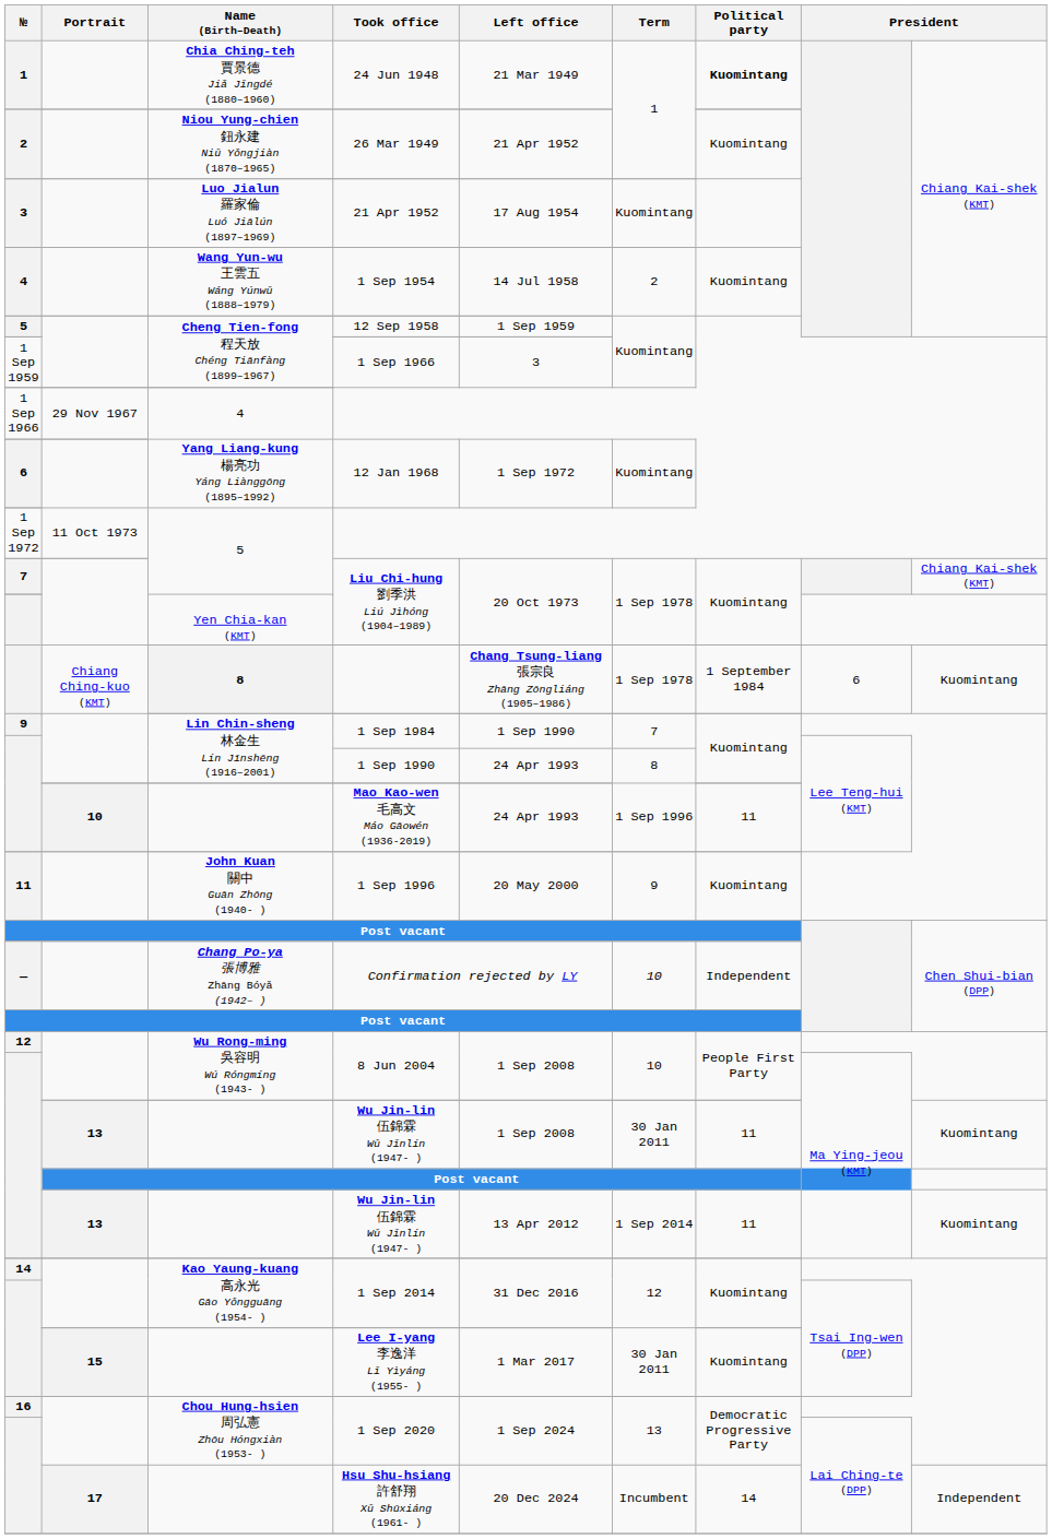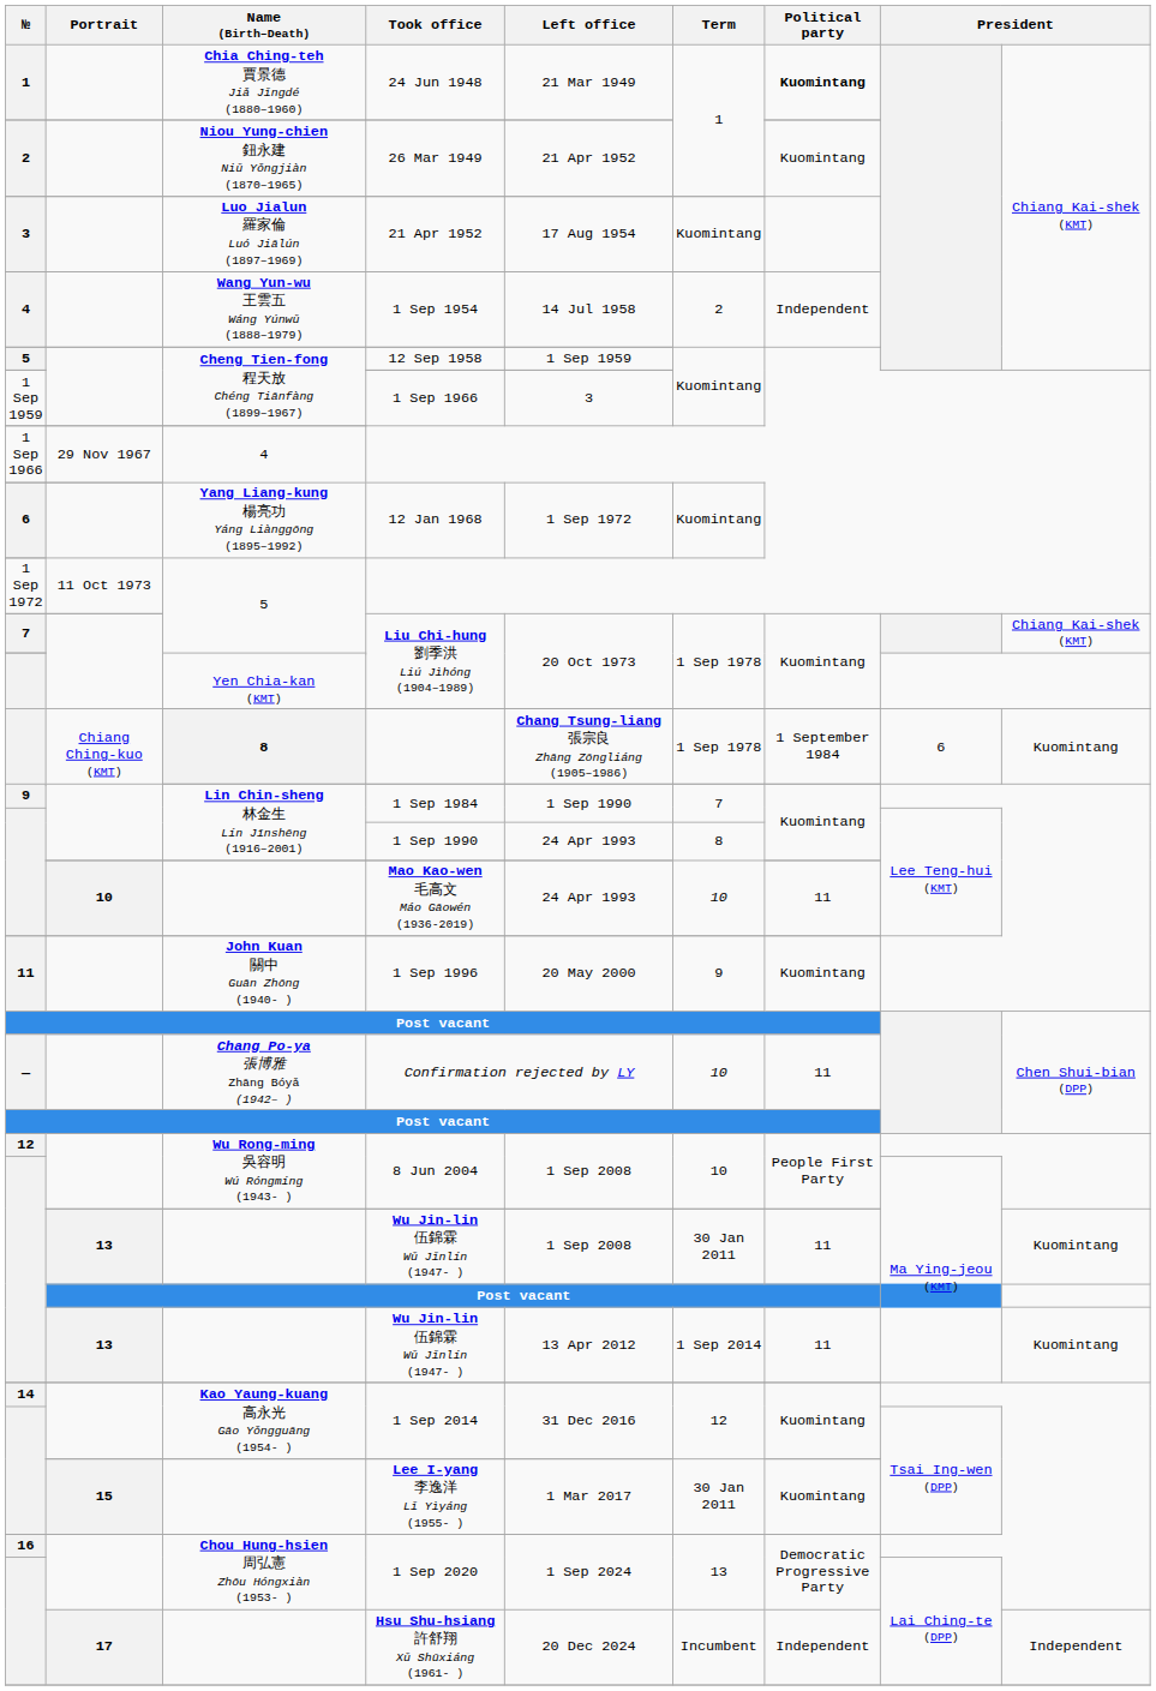 <table class="wikitable"  style="text-align:center"  width="83%">
 <tr>
 <th style="width:25px;">№</th>
 <th style="width:100px;">Portrait</th>
 <th width=180px>Name<br><small>(Birth–Death)</small></th>
 <th>Took office</th>
 <th>Left office</th>
 <th style="width:25px;">Term</th>
 <th style="width:100px;">Political party</th>
 <th colspan=2 width="width:200px">President</th>
 </tr>
 <tr ->
 <th style="background:">1</th>
 <td align=center></td>
 <td align=center><strong><a href='#'>Chia Ching-teh</a></strong><br><span>賈景德</span><br><small><em>Jiǎ Jǐngdé</em><br>(1880–1960)</small></td>
 <td>24 Jun 1948</td>
 <td>21 Mar 1949</td>
 <td rowspan=3>1</td>
 <td><strong>Kuomintang</strong></td>
 <th rowspan=9 style="background:"></th>
 <td rowspan=9><br><a href='#'>Chiang Kai-shek</a><br><small>(<a href='#'>KMT</a>)</small></td>
 </tr>
 <tr ->
 </tr>
 <tr ->
 <th style="background:">2</th>
 <td align=center></td>
 <td align=center><strong><a href='#'>Niou Yung-chien</a></strong><br><span>鈕永建</span><br><small><em>Niǔ Yǒngjiàn</em><br>(1870–1965)</small></td>
 <td>26 Mar 1949</td>
 <td>21 Apr 1952</td>
 <td>Kuomintang</td>
 </tr>
 <tr ->
 </tr>
 <tr ->
 <th style="background:">3</th>
 <td align=center></td>
 <td align=center><strong><a href='#'>Luo Jialun</a></strong><br><span>羅家倫</span><br><small><em>Luó Jiālún</em><br>(1897–1969)</small></td>
 <td>21 Apr 1952</td>
 <td>17 Aug 1954</td>
 <td>Kuomintang</td>
 </tr>
 <tr ->
 </tr>
 <tr ->
 <th style="background:">4</th>
 <td align=center></td>
 <td align=center><strong><a href='#'>Wang Yun-wu</a></strong><br><span>王雲五</span><br><small><em>Wáng Yúnwǔ</em><br>(1888–1979)</small></td>
 <td>1 Sep 1954</td>
 <td>14 Jul 1958</td>
 <td rowspan=2>2</td>
-<td>Kuomintang</td>
+<td>Independent</td>
 </tr>
 <tr ->
 </tr>
 <tr ->
 <th style="background:">5</th>
 <td rowspan=3 align=center></td>
 <td rowspan=3 align=center><strong><a href='#'>Cheng Tien-fong</a></strong><br><span>程天放</span><br><small><em>Chéng Tiānfàng</em><br>(1899–1967)</small></td>
 <td>12 Sep 1958</td>
 <td>1 Sep 1959</td>
 <td rowspan=3>Kuomintang</td>
 </tr>
 <tr>
 </tr>
 <tr>
 <td>1 Sep 1959</td>
 <td>1 Sep 1966</td>
 <td>3</td>
 </tr>
 <tr>
 </tr>
 <tr>
 <td>1 Sep 1966</td>
 <td>29 Nov 1967</td>
 <td rowspan=2>4</td>
 </tr>
 <tr ->
 </tr>
 <tr ->
 <th style="background:">6</th>
 <td rowspan=2 align=center></td>
 <td rowspan=2 align=center><strong><a href='#'>Yang Liang-kung</a></strong><br><span>楊亮功</span><br><small><em>Yáng Liànggōng</em><br>(1895–1992)</small></td>
 <td>12 Jan 1968</td>
 <td>1 Sep 1972</td>
 <td rowspan=2>Kuomintang</td>
 </tr>
 <tr>
 </tr>
 <tr>
 <td>1 Sep 1972</td>
 <td>11 Oct 1973</td>
 <td rowspan=4>5</td>
 </tr>
 <tr ->
 </tr>
 <tr ->
 <th style="background:">7</th>
 <td rowspan=3 align=center></td>
 <td rowspan=3 align=center><strong><a href='#'>Liu Chi-hung</a></strong><br><span>劉季洪</span><br><small><em>Liú Jìhóng</em><br>(1904–1989)</small></td>
 <td rowspan=3>20 Oct 1973</td>
 <td rowspan=3>1 Sep 1978</td>
 <td rowspan=3>Kuomintang</td>
 <th style="background:"></th>
 <td><a href='#'>Chiang Kai-shek</a><br><small>(<a href='#'>KMT</a>)</small></td>
 </tr>
 <tr>
 </tr>
 <tr>
 <th style="background:"></th>
 <td><br><a href='#'>Yen Chia-kan</a><br><small>(<a href='#'>KMT</a>)</small></td>
 </tr>
 <tr>
 <th rowspan=3 style="background:"></th>
 <td rowspan=3><br><a href='#'>Chiang Ching-kuo</a><br><small>(<a href='#'>KMT</a>)</small></td>
 </tr>
 <tr ->
 <th style="background:">8</th>
 <td align=center></td>
 <td align=center><strong><a href='#'>Chang Tsung-liang</a></strong><br><span>張宗良</span><br><small><em>Zhāng Zōngliáng</em><br>(1905–1986)</small></td>
 <td>1 Sep 1978</td>
 <td>1 September 1984</td>
 <td>6</td>
 <td>Kuomintang</td>
 </tr>
 <tr ->
 </tr>
 <tr ->
 <th style="background:">9</th>
 <td rowspan=3 align=center></td>
 <td rowspan=3 align=center><strong><a href='#'>Lin Chin-sheng</a></strong><br><span>林金生</span><br><small><em>Lín Jīnshēng</em><br>(1916–2001)</small></td>
 <td rowspan=2>1 Sep 1984</td>
 <td rowspan=2>1 Sep 1990</td>
 <td rowspan=2>7</td>
 <td rowspan=3>Kuomintang</td>
 </tr>
 <tr>
 <th rowspan=4 style="background:"></th>
 <td rowspan=4><br><a href='#'>Lee Teng-hui</a><br><small>(<a href='#'>KMT</a>)</small></td>
 </tr>
 <tr>
 <td>1 Sep 1990</td>
 <td>24 Apr 1993</td>
 <td rowspan=2>8</td>
 </tr>
 <tr ->
 </tr>
 <tr ->
 <th style="background:">10</th>
 <td align=center></td>
 <td align=center><strong><a href='#'>Mao Kao-wen</a></strong><br><span>毛高文</span><br><small><em>Máo Gāowén</em><br>(1936-2019)</small></td>
 <td>24 Apr 1993</td>
-<td>1 Sep 1996</td>
+<td><em>10</em></td>
 <td>11</td>
 </tr>
 <tr ->
 </tr>
 <tr ->
 <th style="background:">11</th>
 <td align=center></td>
 <td align=center><strong><a href='#'>John Kuan</a></strong><br><span>關中</span><br><small><em>Guān Zhōng</em><br>(1940- )</small></td>
 <td>1 Sep 1996</td>
 <td>20 May 2000</td>
 <td>9</td>
 <td>Kuomintang</td>
 </tr>
 <tr ->
 <th colspan=7 style="background:#318CE7; color:white;">Post vacant</th>
 <th rowspan=4 style="background:"></th>
 <td rowspan=4><br><a href='#'>Chen Shui-bian</a><br><small>(<a href='#'>DPP</a>)</small><br></td>
 </tr>
 <tr ->
 </tr>
 <tr ->
 <th style="background:">—</th>
 <td align=center></td>
 <td align=center><strong><em><a href='#'>Chang Po-ya</a></em></strong><br><span><em>張博雅</em></span><br><small>Zhāng Bóyǎ<br><em>(1942– )</em></small></td>
 <td colspan=2><em>Confirmation rejected by <a href='#'>LY</a></em></td>
 <td><em>10</em></td>
-<td>Independent</td>
+<td>11</td>
 </tr>
 <tr ->
 <th colspan=7 style="background:#318CE7; color:white;">Post vacant</th>
 </tr>
 <tr ->
 </tr>
 <tr ->
 <th style="background:">12</th>
 <td rowspan=2 align=center></td>
 <td rowspan=2 align=center><strong><a href='#'>Wu Rong-ming</a></strong><br><span>吳容明</span><br><small><em>Wú Róngmíng</em><br>(1943- )</small></td>
 <td rowspan=2>8 Jun 2004</td>
 <td rowspan=2>1 Sep 2008</td>
 <td rowspan=2>10</td>
 <td rowspan=2>People First Party</td>
 </tr>
 <tr>
 <th rowspan=5 style="background:"></th>
 <td rowspan=5><br><a href='#'>Ma Ying-jeou</a><br><small>(<a href='#'>KMT</a>)</small></td>
 </tr>
 <tr ->
 </tr>
 <tr ->
 <th style="background:">13</th>
 <td align=center></td>
 <td align=center><strong><a href='#'>Wu Jin-lin</a></strong><br><span>伍錦霖</span><br><small><em>Wǔ Jǐnlín</em><br>(1947- )</small></td>
 <td>1 Sep 2008</td>
 <td>30 Jan 2011</td>
 <td>11</td>
 <td>Kuomintang</td>
 </tr>
 <tr ->
 <th colspan=7 style="background:#318CE7; color:white;">Post vacant</th>
 </tr>
 <tr ->
 <th style="background:">13</th>
 <td align=center></td>
 <td align=center><strong><a href='#'>Wu Jin-lin</a></strong><br><span>伍錦霖</span><br><small><em>Wǔ Jǐnlín</em><br>(1947- )</small></td>
 <td>13 Apr 2012</td>
 <td>1 Sep 2014</td>
 <td>11</td>
 <td>Kuomintang</td>
 </tr>
 <tr ->
 </tr>
 <tr ->
 <th style="background:">14</th>
 <td rowspan=2 align=center></td>
 <td rowspan=2 align=center><strong><a href='#'>Kao Yaung-kuang</a></strong><br><span>高永光</span><br><small><em>Gāo Yǒngguāng</em><br>(1954- )</small></td>
 <td rowspan=2>1 Sep 2014</td>
 <td rowspan=2>31 Dec 2016</td>
 <td rowspan=3>12</td>
 <td rowspan=2>Kuomintang</td>
 </tr>
 <tr>
 <th rowspan=3 style="background:"></th>
 <td rowspan=3><br><a href='#'>Tsai Ing-wen</a><br><small>(<a href='#'>DPP</a>)</small></td>
 </tr>
 <tr ->
 </tr>
 <tr ->
 <th style="background:">15</th>
 <td align=center></td>
 <td align=center><strong><a href='#'>Lee I-yang</a></strong><br><span>李逸洋</span><br><small><em>Lǐ Yìyáng</em><br>(1955- )</small></td>
 <td>1 Mar 2017</td>
 <td>30 Jan 2011</td>
 <td>Kuomintang</td>
 </tr>
 <tr ->
 </tr>
 <tr ->
 <th style="background:">16</th>
 <td rowspan=2 align=center></td>
 <td rowspan=2 align=center><strong><a href='#'>Chou Hung-hsien</a></strong><br><span>周弘憲</span><br><small><em>Zhōu Hóngxiàn</em><br>(1953- )</small></td>
 <td rowspan=2>1 Sep 2020</td>
 <td rowspan=2>1 Sep 2024</td>
 <td rowspan=2>13</td>
 <td rowspan=2>Democratic Progressive Party</td>
 </tr>
 <tr>
 <th rowspan=2 style="background:"></th>
 <td rowspan=2><br><a href='#'>Lai Ching-te</a><br><small>(<a href='#'>DPP</a>)</small></td>
 </tr>
 <tr ->
 <th style="background:">17</th>
 <td></td>
 <td><strong><a href='#'>Hsu Shu-hsiang</a></strong><br><span>許舒翔</span><br><small><em>Xǔ Shūxiáng</em><br>(1961- )</small></td>
 <td>20 Dec 2024</td>
 <td>Incumbent</td>
-<td>14</td>
+<td>Independent</td>
 <td>Independent</td>
 </tr>
 <tr>
 </tr>
 </table>
